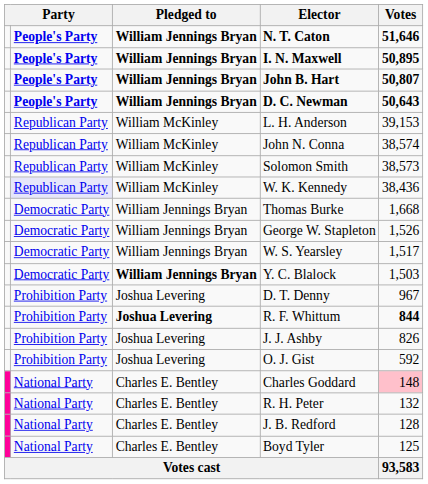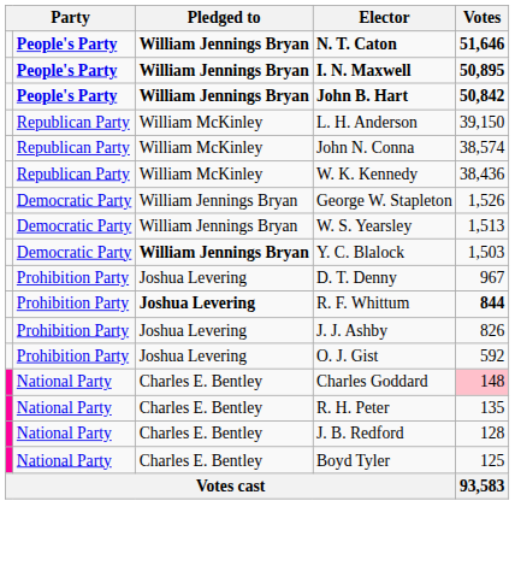 <table class="wikitable">
 <tr>
 <th colspan=2>Party</th>
 <th>Pledged to</th>
 <th>Elector</th>
 <th>Votes</th>
 </tr>
 <tr style="font-weight:bold">
 <td></td>
 <td><a href='#'>People's Party</a></td>
 <td>William Jennings Bryan</td>
 <td>N. T. Caton</td>
 <td align="right">51,646</td>
 </tr>
 <tr style="font-weight:bold">
 <td></td>
 <td><a href='#'>People's Party</a></td>
 <td>William Jennings Bryan</td>
 <td>I. N. Maxwell</td>
 <td align="right">50,895</td>
 </tr>
 <tr style="font-weight:bold">
 <td></td>
 <td><a href='#'>People's Party</a></td>
 <td>William Jennings Bryan</td>
 <td>John B. Hart</td>
-<td align="right">50,807</td>
-</tr>
-<tr style="font-weight:bold">
-<td></td>
-<td><a href='#'>People's Party</a></td>
-<td>William Jennings Bryan</td>
-<td>D. C. Newman</td>
-<td align="right">50,643</td>
+<td align="right">50,842</td>
 </tr>
 <tr>
 <td></td>
 <td><a href='#'>Republican Party</a></td>
 <td>William McKinley</td>
 <td>L. H. Anderson</td>
-<td align="right">39,153</td>
+<td align="right">39,150</td>
 </tr>
 <tr>
 <td></td>
 <td><a href='#'>Republican Party</a></td>
 <td>William McKinley</td>
 <td>John N. Conna</td>
 <td align="right">38,574</td>
 </tr>
 <tr>
 <td></td>
 <td><a href='#'>Republican Party</a></td>
 <td>William McKinley</td>
-<td>Solomon Smith</td>
-<td align="right">38,573</td>
-</tr>
-<tr>
-<td></td>
-<td style="background: lavender;"><a href='#'>Republican Party</a></td>
-<td>William McKinley</td>
 <td>W. K. Kennedy</td>
 <td align="right">38,436</td>
-</tr>
-<tr>
-<td></td>
-<td><a href='#'>Democratic Party</a></td>
-<td>William Jennings Bryan</td>
-<td>Thomas Burke</td>
-<td align="right">1,668</td>
 </tr>
 <tr>
 <td></td>
 <td><a href='#'>Democratic Party</a></td>
 <td>William Jennings Bryan</td>
 <td>George W. Stapleton</td>
 <td align="right">1,526</td>
 </tr>
 <tr>
 <td></td>
 <td><a href='#'>Democratic Party</a></td>
 <td>William Jennings Bryan</td>
 <td>W. S. Yearsley</td>
-<td align="right">1,517</td>
+<td align="right">1,513</td>
 </tr>
 <tr>
 <td></td>
 <td><a href='#'>Democratic Party</a></td>
 <td><strong>William Jennings Bryan</strong></td>
 <td>Y. C. Blalock</td>
 <td align="right">1,503</td>
 </tr>
 <tr>
 <td></td>
 <td><a href='#'>Prohibition Party</a></td>
 <td>Joshua Levering</td>
 <td>D. T. Denny</td>
 <td align="right">967</td>
 </tr>
 <tr>
 <td></td>
 <td><a href='#'>Prohibition Party</a></td>
 <td><strong>Joshua Levering</strong></td>
 <td>R. F. Whittum</td>
 <td align="right"><strong>844</strong></td>
 </tr>
 <tr>
 <td></td>
 <td><a href='#'>Prohibition Party</a></td>
 <td>Joshua Levering</td>
 <td>J. J. Ashby</td>
 <td align="right">826</td>
 </tr>
 <tr>
 <td></td>
 <td><a href='#'>Prohibition Party</a></td>
 <td>Joshua Levering</td>
 <td>O. J. Gist</td>
 <td align="right">592</td>
 </tr>
 <tr>
 <td bgcolor="#f09"></td>
 <td><a href='#'>National Party</a></td>
 <td>Charles E. Bentley</td>
 <td>Charles Goddard</td>
 <td align="right" style="background: pink;">148</td>
 </tr>
 <tr>
 <td bgcolor="#f09"></td>
 <td><a href='#'>National Party</a></td>
 <td>Charles E. Bentley</td>
 <td>R. H. Peter</td>
-<td align="right">132</td>
+<td align="right">135</td>
 </tr>
 <tr>
 <td bgcolor="#f09"></td>
 <td><a href='#'>National Party</a></td>
 <td>Charles E. Bentley</td>
 <td>J. B. Redford</td>
 <td align="right">128</td>
 </tr>
 <tr>
 <td bgcolor="#f09"></td>
 <td><a href='#'>National Party</a></td>
 <td>Charles E. Bentley</td>
 <td>Boyd Tyler</td>
 <td align="right">125</td>
 </tr>
 <tr>
 <th colspan="4">Votes cast</th>
 <th>93,583</th>
 </tr>
 </table>
